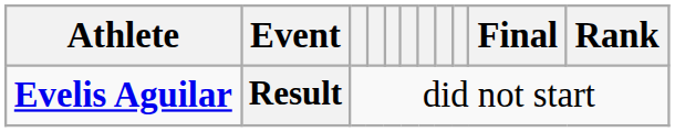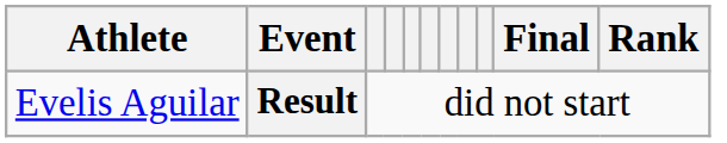 <table class="wikitable" style="font-size:90%">
 <tr>
 <th>Athlete</th>
 <th>Event</th>
 <th></th>
 <th></th>
 <th></th>
 <th></th>
 <th></th>
 <th></th>
 <th></th>
 <th>Final</th>
 <th>Rank</th>
 </tr>
 <tr style=text-align:center>
-<td style=text-align:left><strong><a href='#'>Evelis Aguilar</a></strong></td>
+<td style=text-align:left><a href='#'>Evelis Aguilar</a></td>
 <th style="font-size:95%">Result</th>
 <td colspan=9>did not start</td>
 </tr>
 </table>
